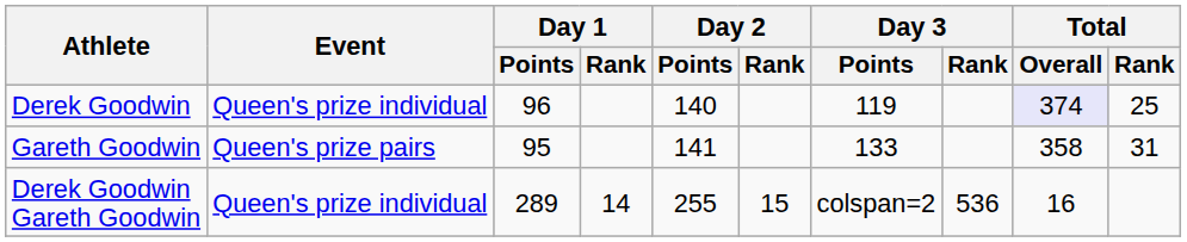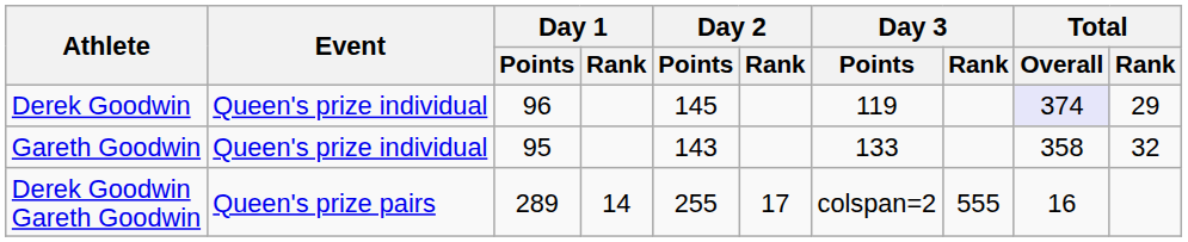 <table class="wikitable" style="font-size:90%">
 <tr>
 <th rowspan=2>Athlete</th>
 <th rowspan=2>Event</th>
 <th colspan=2>Day 1</th>
 <th colspan=2>Day 2</th>
 <th colspan=2>Day 3</th>
 <th colspan=2>Total</th>
 </tr>
 <tr style="font-size:95%">
 <th>Points</th>
 <th>Rank</th>
 <th>Points</th>
 <th>Rank</th>
 <th>Points</th>
 <th>Rank</th>
 <th>Overall</th>
 <th>Rank</th>
 </tr>
 <tr align=center>
 <td align=left><a href='#'>Derek Goodwin</a></td>
 <td align=left><a href='#'>Queen's prize individual</a></td>
 <td>96</td>
 <td></td>
-<td>140</td>
+<td>145</td>
 <td></td>
 <td>119</td>
 <td></td>
 <td style="background: lavender;">374</td>
-<td>25</td>
+<td>29</td>
 </tr>
 <tr align=center>
 <td align=left><a href='#'>Gareth Goodwin</a></td>
-<td align=left><a href='#'>Queen's prize pairs</a></td>
+<td align=left><a href='#'>Queen's prize individual</a></td>
 <td>95</td>
 <td></td>
-<td>141</td>
+<td>143</td>
 <td></td>
 <td>133</td>
 <td></td>
 <td>358</td>
-<td>31</td>
+<td>32</td>
 </tr>
 <tr align=center>
 <td align=left><a href='#'>Derek Goodwin</a><br><a href='#'>Gareth Goodwin</a></td>
-<td align=left><a href='#'>Queen's prize individual</a></td>
+<td align=left><a href='#'>Queen's prize pairs</a></td>
 <td>289</td>
 <td>14</td>
 <td>255</td>
-<td>15</td>
+<td>17</td>
 <td>colspan=2 </td>
-<td>536</td>
+<td>555</td>
 <td>16</td>
 </tr>
 </table>
